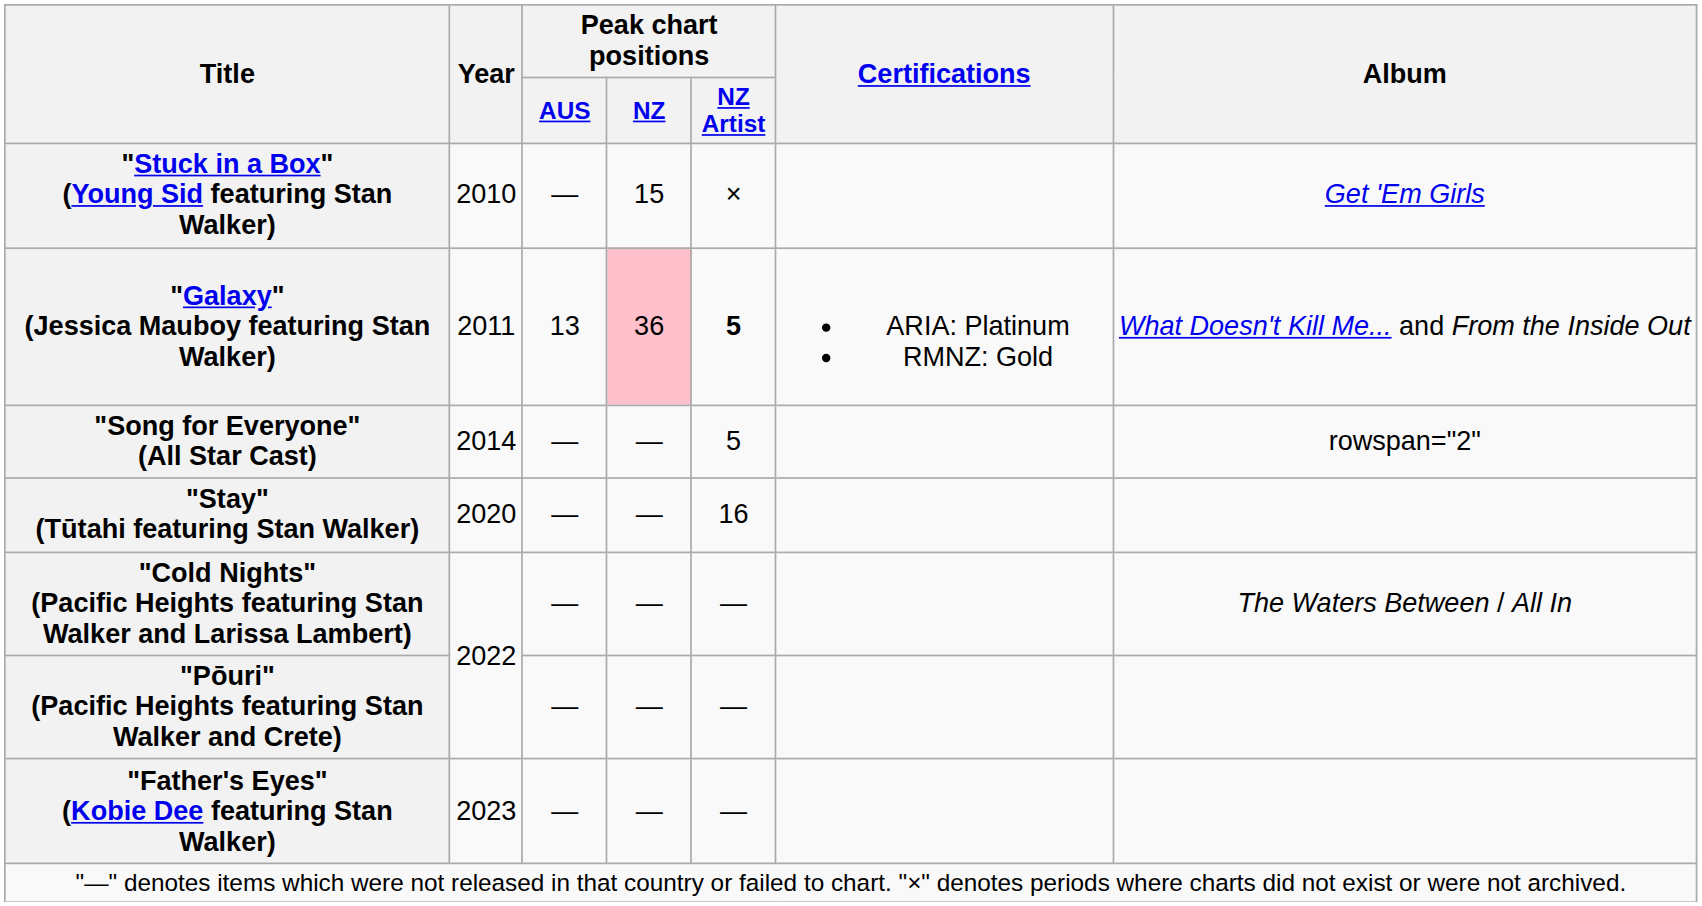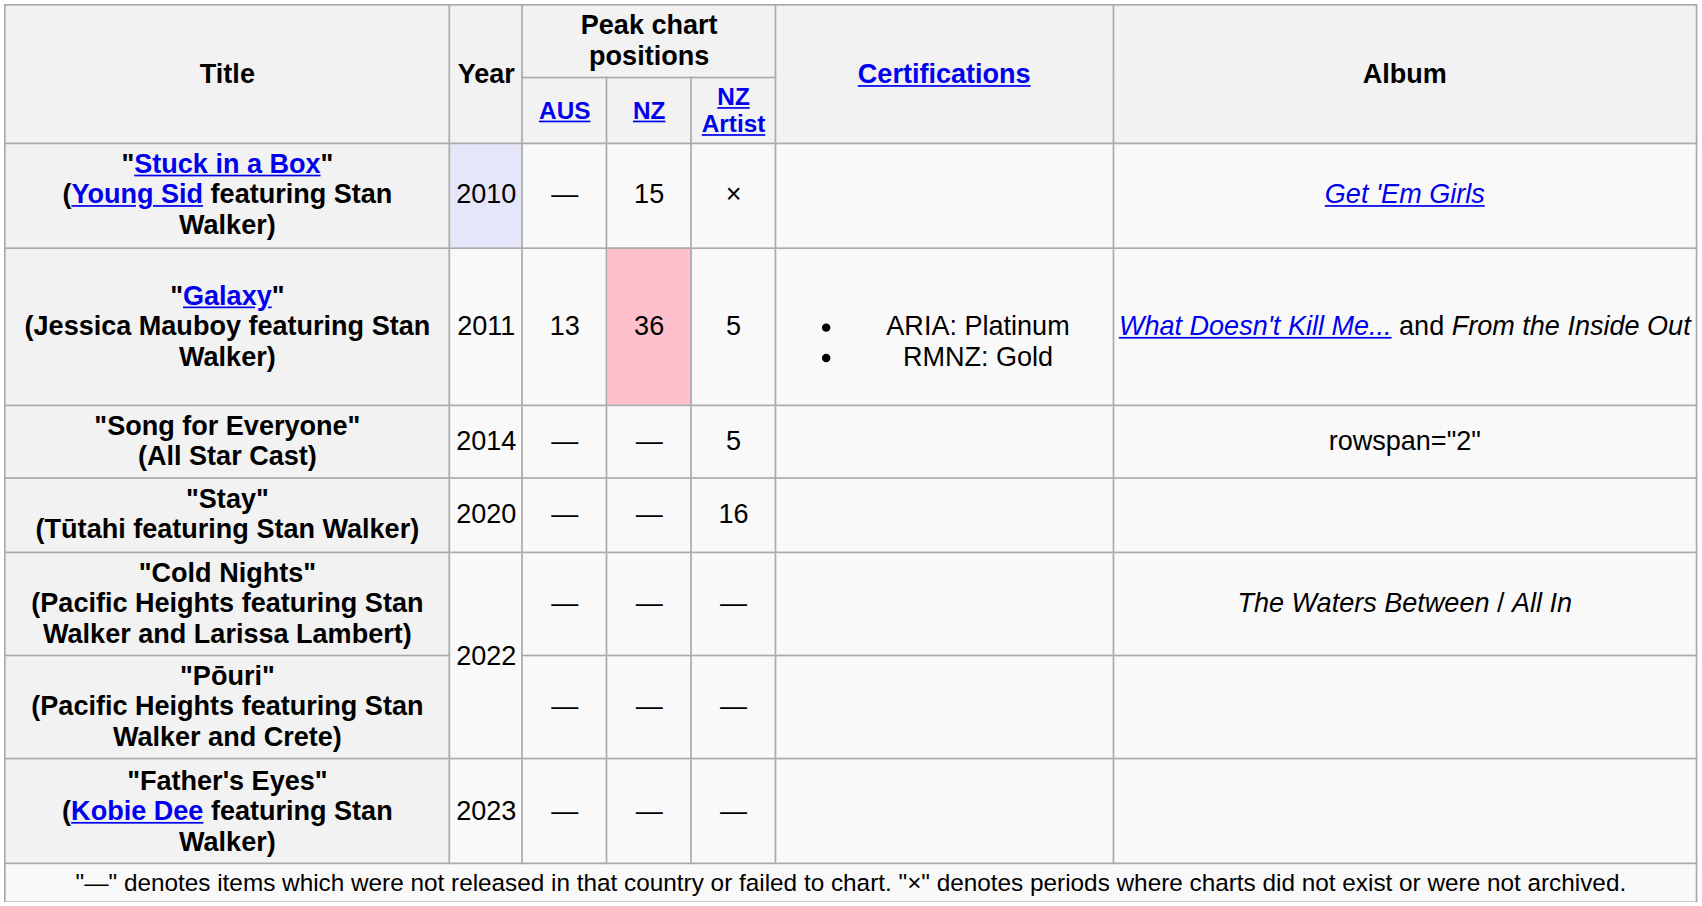 <table class="wikitable plainrowheaders" style="text-align:center;">
 <tr>
 <th scope="col" rowspan="2" style="width:16em;">Title</th>
 <th scope="col" rowspan="2">Year</th>
 <th scope="col" colspan="3">Peak chart positions</th>
 <th scope="col" rowspan="2" style="width:12em;"><a href='#'>Certifications</a></th>
 <th scope="col" rowspan="2">Album</th>
 </tr>
 <tr>
 <th scope="col" style="width:3em;font-size:90%;"><a href='#'>AUS</a><br></th>
 <th scope="col" style="width:3em;font-size:90%;"><a href='#'>NZ</a><br></th>
 <th scope="col" style="width:3em;font-size:90%;"><a href='#'>NZ<br>Artist</a><br></th>
 </tr>
 <tr>
 <th scope="row">"<a href='#'>Stuck in a Box</a>"<br><span>(<a href='#'>Young Sid</a> featuring Stan Walker)</span></th>
-<td>2010</td>
+<td style="background: lavender;">2010</td>
 <td>—</td>
 <td>15</td>
 <td>×</td>
 <td></td>
 <td><em><a href='#'>Get 'Em Girls</a></em></td>
 </tr>
 <tr>
 <th scope="row">"<a href='#'>Galaxy</a>"<br><span>(Jessica Mauboy featuring Stan Walker)</span></th>
 <td>2011</td>
 <td>13</td>
 <td style="background: pink;">36</td>
-<td><strong>5</strong></td>
+<td>5</td>
 <td><br><ul><li>ARIA: Platinum</li><li>RMNZ: Gold</li></ul></td>
 <td><em><a href='#'>What Doesn't Kill Me...</a></em> and <em>From the Inside Out</em></td>
 </tr>
 <tr>
 <th scope="row">"Song for Everyone"<br><span>(All Star Cast)</span></th>
 <td>2014</td>
 <td>—</td>
 <td>—</td>
 <td>5</td>
 <td></td>
 <td>rowspan="2" </td>
 </tr>
 <tr>
 <th scope="row">"Stay"<br><span>(Tūtahi featuring Stan Walker)</span></th>
 <td>2020</td>
 <td>—</td>
 <td>—</td>
 <td>16</td>
 <td></td>
 </tr>
 <tr>
 <th scope="row">"Cold Nights"<br><span>(Pacific Heights featuring Stan Walker and Larissa Lambert)</span></th>
 <td rowspan="2">2022</td>
 <td>—</td>
 <td>—</td>
 <td>—</td>
 <td></td>
 <td><em>The Waters Between</em> / <em>All In</em></td>
 </tr>
 <tr>
 <th scope="row">"Pōuri"<br><span>(Pacific Heights featuring Stan Walker and Crete)</span></th>
 <td>—</td>
 <td>—</td>
 <td>—</td>
 <td></td>
 <td></td>
 </tr>
 <tr>
 <th scope="row">"Father's Eyes"<br><span>(<a href='#'>Kobie Dee</a> featuring Stan Walker)</span></th>
 <td>2023</td>
 <td>—</td>
 <td>—</td>
 <td>—</td>
 <td></td>
 <td></td>
 </tr>
 <tr>
 <td colspan="14" style="font-size:90%">"—" denotes items which were not released in that country or failed to chart. "×" denotes periods where charts did not exist or were not archived.</td>
 </tr>
 </table>
